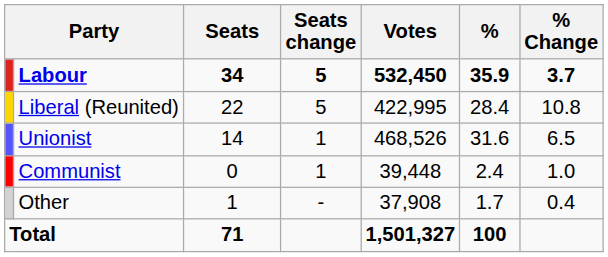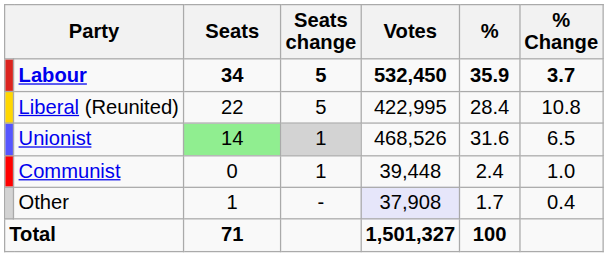 <table class="wikitable sortable">
 <tr>
 <th style="width:100px" colspan=2>Party</th>
 <th style="width:70px;">Seats</th>
 <th style="width:40px;">Seats change</th>
 <th style="width:40px;">Votes</th>
 <th style="width:40px;">%</th>
 <th style="width:40px;">% Change</th>
 </tr>
 <tr>
 <td bgcolor="#DC241f"></td>
 <td><strong><a href='#'>Labour</a></strong></td>
 <td align=center><strong>34</strong></td>
 <td align=center> <strong>5</strong></td>
 <td align=center><strong>532,450</strong></td>
 <td align=center><strong>35.9</strong></td>
 <td align=center> <strong>3.7</strong></td>
 </tr>
 <tr>
 <td bgcolor="#FFD700"></td>
 <td><a href='#'>Liberal</a> (Reunited)</td>
 <td align=center>22</td>
 <td align=center> 5</td>
 <td align=center>422,995</td>
 <td align=center>28.4</td>
 <td align=center> 10.8</td>
 </tr>
 <tr>
 <td bgcolor="#5555FF"></td>
 <td><a href='#'>Unionist</a></td>
-<td align=center>14</td>
-<td align=center> 1</td>
+<td align=center style="background: lightgreen;">14</td>
+<td align=center style="background: lightgrey;"> 1</td>
 <td align=center>468,526</td>
 <td align=center>31.6</td>
 <td align=center> 6.5</td>
 </tr>
 <tr>
 <td bgcolor="#FF0000"></td>
 <td><a href='#'>Communist</a></td>
 <td align=center>0</td>
 <td align=center> 1</td>
 <td align=center>39,448</td>
 <td align=center>2.4</td>
 <td align=center> 1.0</td>
 </tr>
 <tr>
 <td bgcolor="#D3D3D3"></td>
 <td>Other</td>
 <td align="center">1</td>
 <td align="center">-</td>
-<td align="center">37,908</td>
+<td align="center" style="background: lavender;">37,908</td>
 <td align="center">1.7</td>
 <td align="center"> 0.4</td>
 </tr>
 <tr>
 <td colspan=2><strong>Total</strong></td>
 <td align=center><strong>71</strong></td>
 <td align=center></td>
 <td align=center><strong>1,501,327</strong></td>
 <td align=center><strong>100</strong></td>
 <td align=center></td>
 </tr>
 </table>
